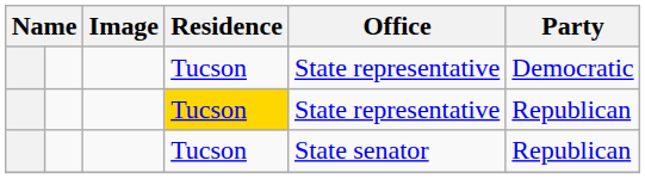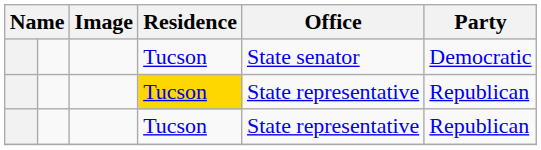 <table class="sortable wikitable">
 <tr valign=bottom>
 <th colspan="2">Name</th>
 <th>Image</th>
 <th>Residence</th>
 <th>Office</th>
 <th>Party</th>
 </tr>
 <tr>
 <th style="background-color:  "></th>
 <td></td>
 <td></td>
 <td><a href='#'>Tucson</a></td>
-<td><a href='#'>State representative</a></td>
+<td><a href='#'>State senator</a></td>
 <td><a href='#'>Democratic</a></td>
 </tr>
 <tr>
 <th style="background-color:  "></th>
 <td></td>
 <td></td>
 <td style="background: gold;"><a href='#'>Tucson</a></td>
 <td><a href='#'>State representative</a></td>
 <td><a href='#'>Republican</a></td>
 </tr>
 <tr>
 <th style="background-color:  "></th>
 <td></td>
 <td></td>
 <td><a href='#'>Tucson</a></td>
-<td><a href='#'>State senator</a></td>
+<td><a href='#'>State representative</a></td>
 <td><a href='#'>Republican</a></td>
 </tr>
 <tr>
 </tr>
 </table>
